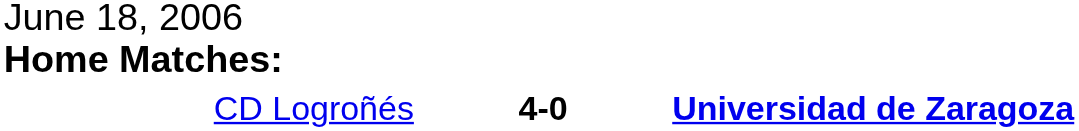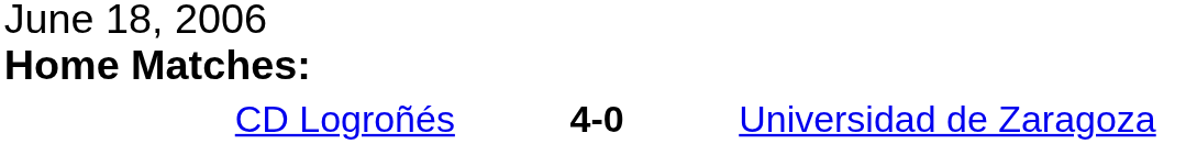 <table width=100% cellspacing=1>
 <tr>
 <th width=20%></th>
 <th width=12%></th>
 <th width=20%></th>
 <th></th>
 </tr>
 <tr>
 <td>June 18, 2006<br><strong>Home Matches:</strong></td>
 </tr>
 <tr style=font-size:90%>
 <td align=right><a href='#'>CD Logroñés</a></td>
 <td align=center><strong>4-0</strong></td>
-<td><strong><a href='#'>Universidad de Zaragoza</a></strong></td>
+<td><a href='#'>Universidad de Zaragoza</a></td>
 </tr>
 </table>
